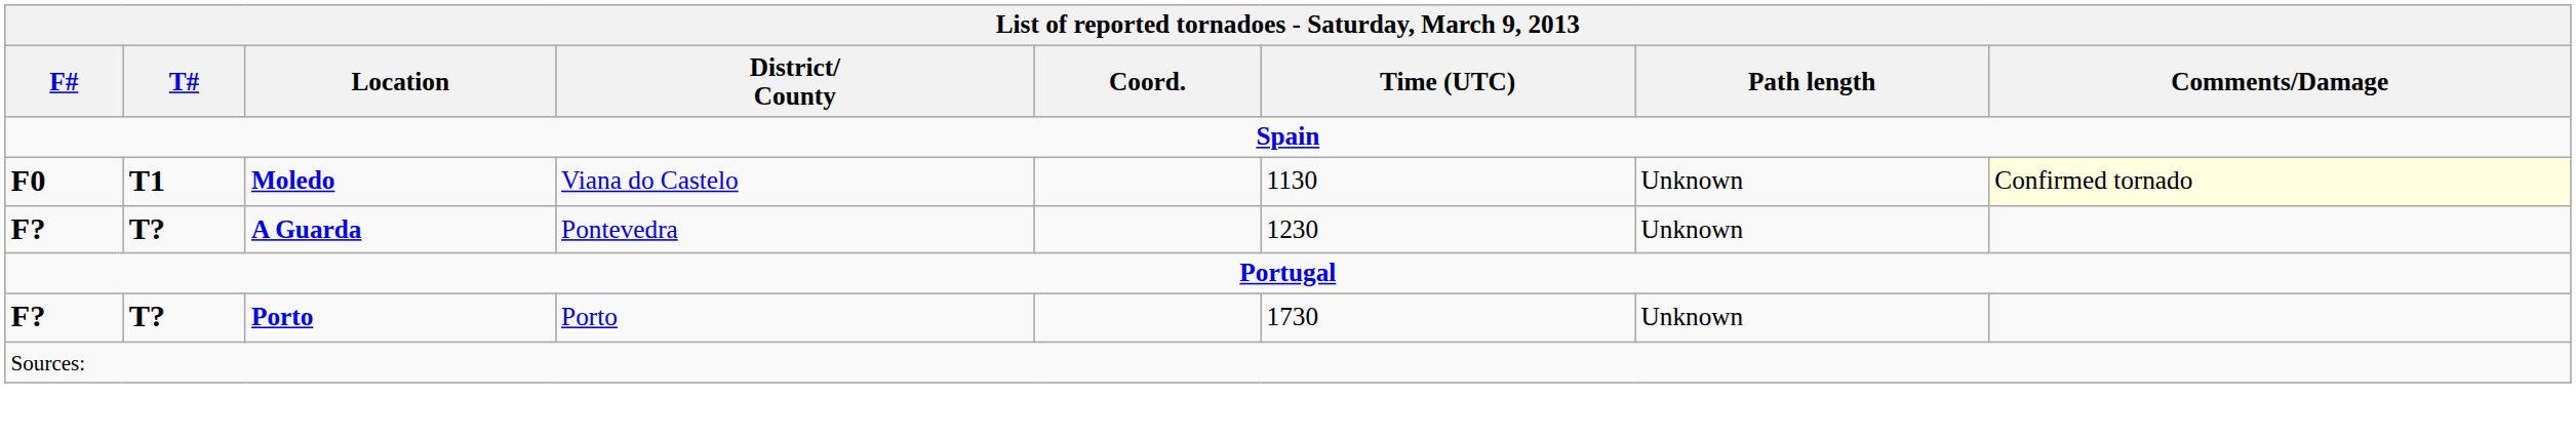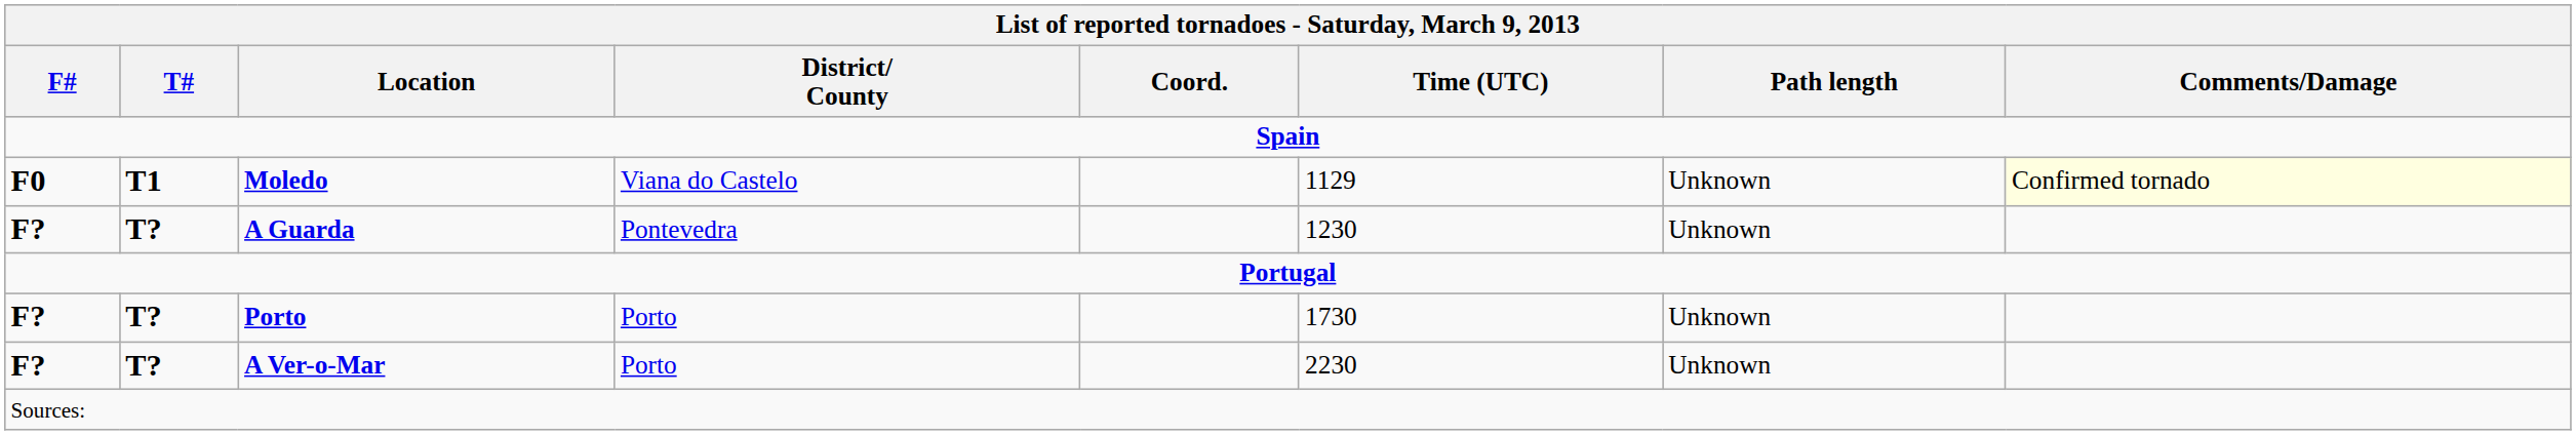 <table class="wikitable collapsible" width="100%">
 <tr>
 <th colspan="8">List of reported tornadoes - Saturday, March 9, 2013</th>
 </tr>
 <tr>
 <th><a href='#'>F#</a></th>
 <th><a href='#'>T#</a></th>
 <th>Location</th>
 <th>District/<br>County</th>
 <th>Coord.</th>
 <th>Time (UTC)</th>
 <th>Path length</th>
 <th>Comments/Damage</th>
 </tr>
 <tr>
 <td colspan="8" align=center><strong><a href='#'>Spain</a></strong></td>
 </tr>
 <tr>
 <td><big><strong>F0</strong></big></td>
 <td><big><strong>T1</strong></big></td>
 <td><strong><a href='#'>Moledo</a></strong></td>
 <td><a href='#'>Viana do Castelo</a></td>
 <td></td>
-<td>1130</td>
+<td>1129</td>
 <td>Unknown</td>
 <td style="background: lightyellow;">Confirmed tornado</td>
 </tr>
 <tr>
 <td><big><strong>F?</strong></big></td>
 <td><big><strong>T?</strong></big></td>
 <td><strong><a href='#'>A Guarda</a></strong></td>
 <td><a href='#'>Pontevedra</a></td>
 <td></td>
 <td>1230</td>
 <td>Unknown</td>
 <td></td>
 </tr>
 <tr>
 <td colspan="8" align=center><strong><a href='#'>Portugal</a></strong></td>
 </tr>
 <tr>
 <td><big><strong>F?</strong></big></td>
 <td><big><strong>T?</strong></big></td>
 <td><strong><a href='#'>Porto</a></strong></td>
 <td><a href='#'>Porto</a></td>
 <td></td>
 <td>1730</td>
 <td>Unknown</td>
 <td></td>
 </tr>
 <tr>
+<td><big><strong>F?</strong></big></td>
+<td><big><strong>T?</strong></big></td>
+<td><strong><a href='#'>A Ver-o-Mar</a></strong></td>
+<td><a href='#'>Porto</a></td>
+<td></td>
+<td>2230</td>
+<td>Unknown</td>
+<td></td>
+</tr>
+<tr>
 <td colspan="8"><small>Sources:  </small></td>
 </tr>
 </table>
